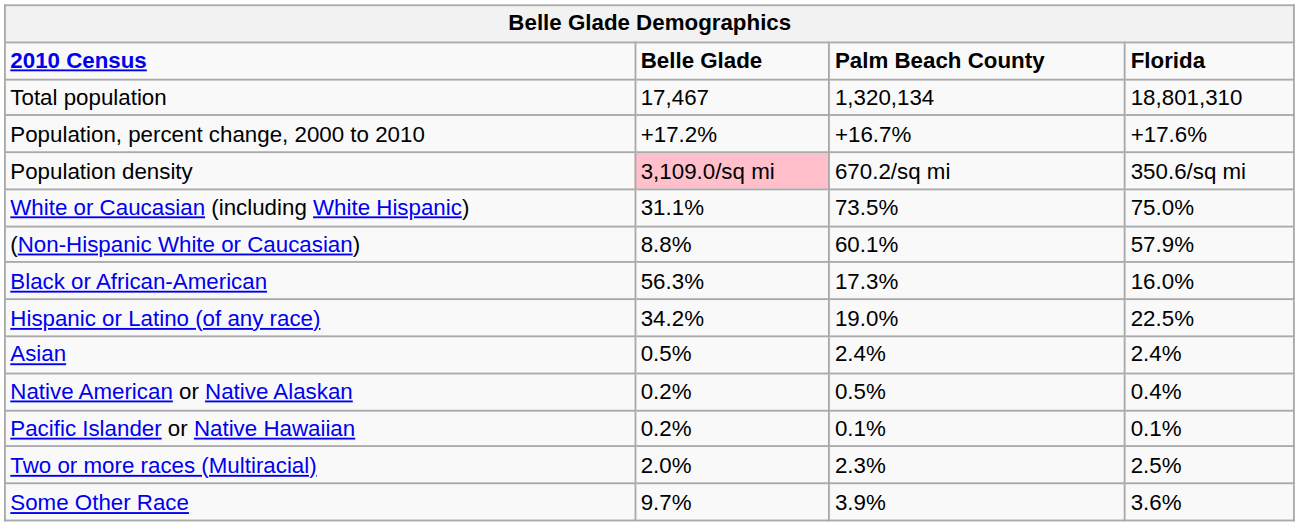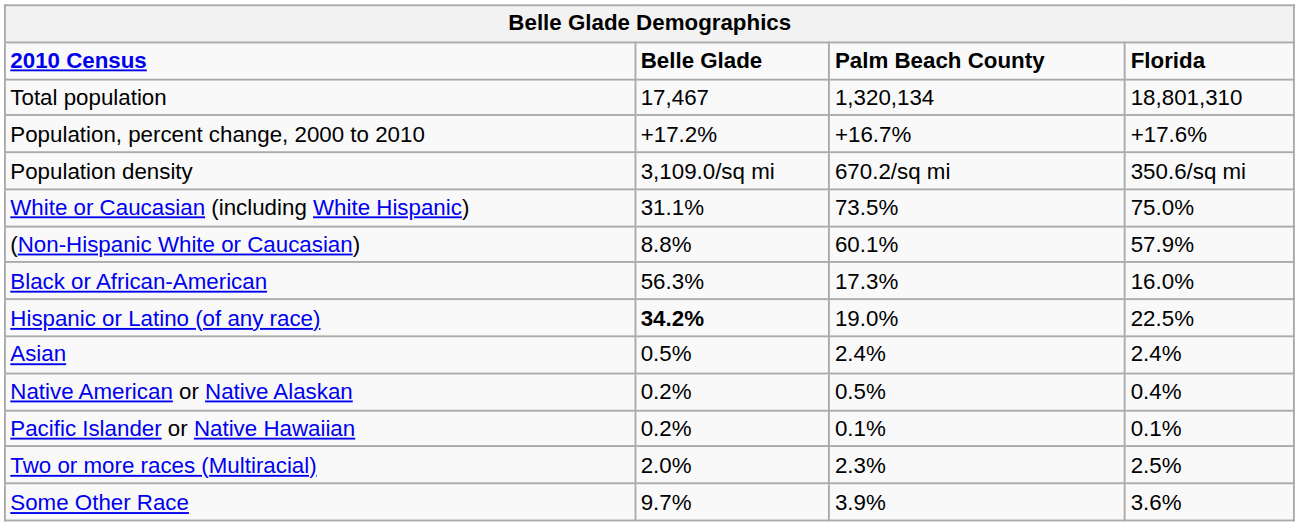 <table class="wikitable" style="float: left; margin-right: 2em; width: 35%; font-size: 75%;">
 <tr>
 <th colspan=4><strong>Belle Glade Demographics</strong></th>
 </tr>
 <tr>
 <td><strong><a href='#'>2010 Census</a></strong></td>
 <td><strong>Belle Glade</strong></td>
 <td><strong>Palm Beach County</strong></td>
 <td><strong>Florida</strong></td>
 </tr>
 <tr>
 <td>Total population</td>
 <td>17,467</td>
 <td>1,320,134</td>
 <td>18,801,310</td>
 </tr>
 <tr>
 <td>Population, percent change, 2000 to 2010</td>
 <td>+17.2%</td>
 <td>+16.7%</td>
 <td>+17.6%</td>
 </tr>
 <tr>
 <td>Population density</td>
-<td style="background: pink;">3,109.0/sq mi</td>
+<td>3,109.0/sq mi</td>
 <td>670.2/sq mi</td>
 <td>350.6/sq mi</td>
 </tr>
 <tr>
 <td><a href='#'>White or Caucasian</a> (including <a href='#'>White Hispanic</a>)</td>
 <td>31.1%</td>
 <td>73.5%</td>
 <td>75.0%</td>
 </tr>
 <tr>
 <td>(<a href='#'>Non-Hispanic White or Caucasian</a>)</td>
 <td>8.8%</td>
 <td>60.1%</td>
 <td>57.9%</td>
 </tr>
 <tr>
 <td><a href='#'>Black or African-American</a></td>
 <td>56.3%</td>
 <td>17.3%</td>
 <td>16.0%</td>
 </tr>
 <tr>
 <td><a href='#'>Hispanic or Latino (of any race)</a></td>
-<td>34.2%</td>
+<td><strong>34.2%</strong></td>
 <td>19.0%</td>
 <td>22.5%</td>
 </tr>
 <tr>
 <td><a href='#'>Asian</a></td>
 <td>0.5%</td>
 <td>2.4%</td>
 <td>2.4%</td>
 </tr>
 <tr>
 <td><a href='#'>Native American</a> or <a href='#'>Native Alaskan</a></td>
 <td>0.2%</td>
 <td>0.5%</td>
 <td>0.4%</td>
 </tr>
 <tr>
 <td><a href='#'>Pacific Islander</a> or <a href='#'>Native Hawaiian</a></td>
 <td>0.2%</td>
 <td>0.1%</td>
 <td>0.1%</td>
 </tr>
 <tr>
 <td><a href='#'>Two or more races (Multiracial)</a></td>
 <td>2.0%</td>
 <td>2.3%</td>
 <td>2.5%</td>
 </tr>
 <tr>
 <td><a href='#'>Some Other Race</a></td>
 <td>9.7%</td>
 <td>3.9%</td>
 <td>3.6%</td>
 </tr>
 </table>
